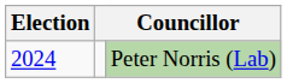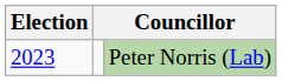 <table class="wikitable">
 <tr>
 <th>Election</th>
 <th colspan="2">Councillor</th>
 </tr>
 <tr>
-<td><a href='#'>2024</a></td>
+<td><a href='#'>2023</a></td>
 <td style="background-color: "></td>
 <td bgcolor="#B6D7A8">Peter Norris (<a href='#'>Lab</a>)</td>
 </tr>
 </table>
